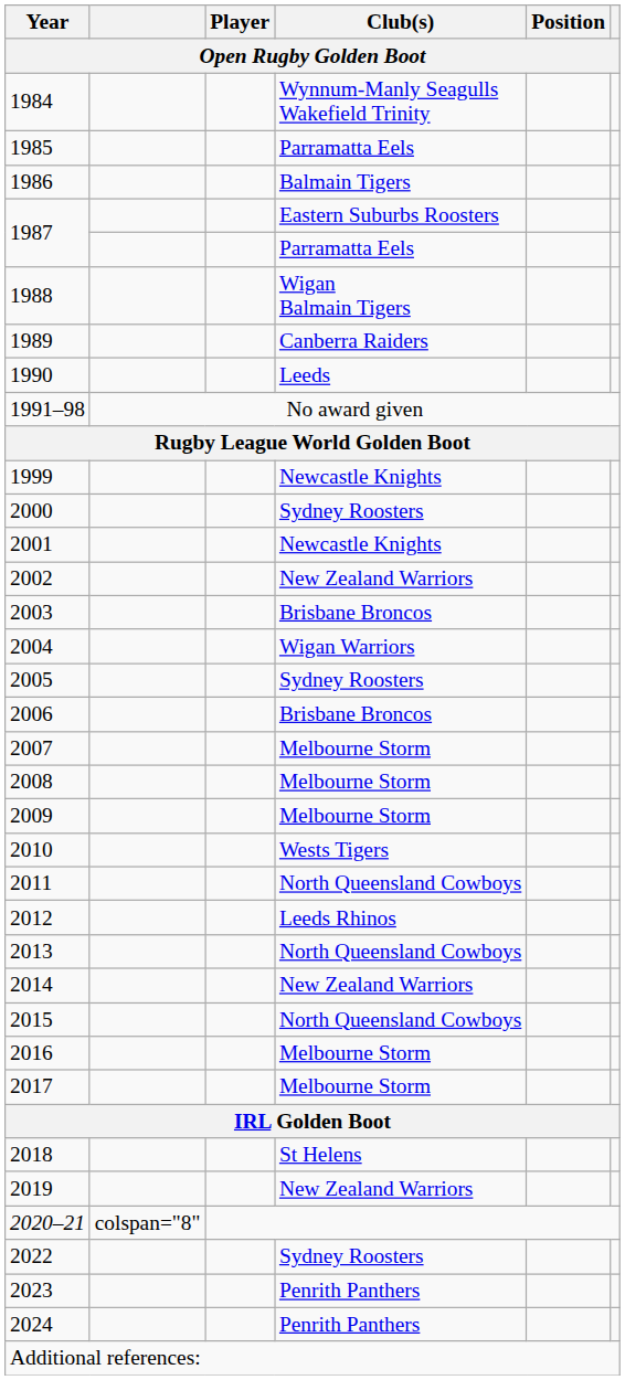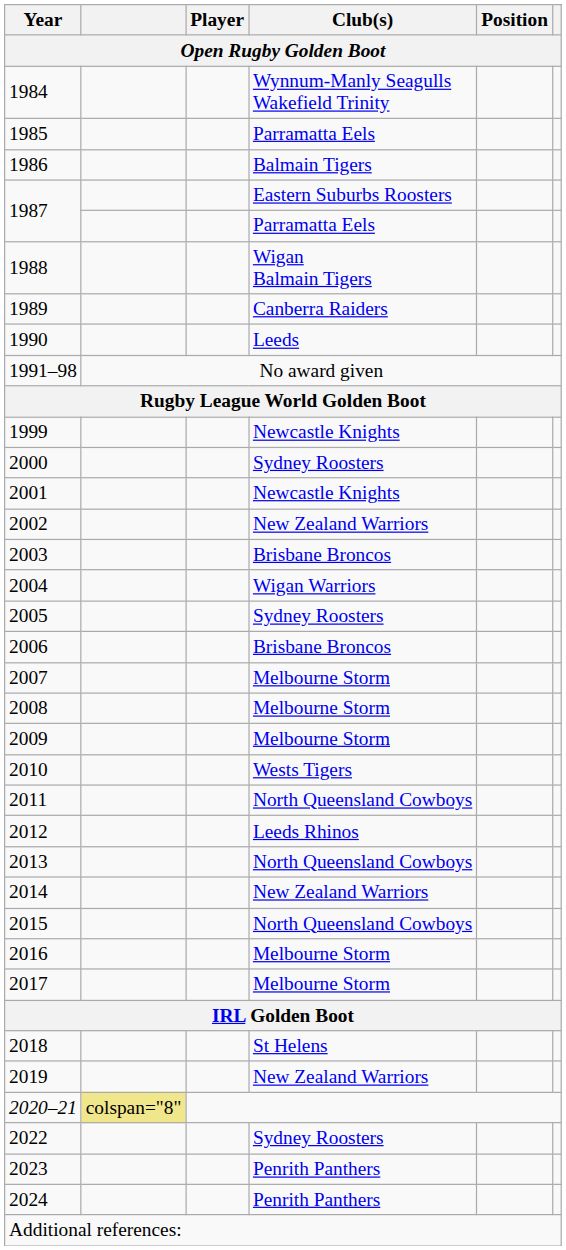 <table class="wikitable sortable">
 <tr>
 <th scope="col">Year</th>
 <th scope="col"></th>
 <th scope="col">Player</th>
 <th scope="col">Club(s)</th>
 <th scope="col">Position</th>
 <th scope="col" class="unsortable"></th>
 </tr>
 <tr>
 <th colspan="8"><strong><em>Open Rugby<em> Golden Boot<strong></th>
 </tr>
 <tr>
 <td>1984</td>
 <td></td>
 <td></td>
 <td><a href='#'>Wynnum-Manly Seagulls</a> <br> <a href='#'>Wakefield Trinity</a></td>
 <td></td>
 <td></td>
 </tr>
 <tr>
 <td>1985</td>
 <td></td>
 <td></td>
 <td><a href='#'>Parramatta Eels</a></td>
 <td></td>
 <td></td>
 </tr>
 <tr>
 <td>1986</td>
 <td></td>
 <td></td>
 <td><a href='#'>Balmain Tigers</a></td>
 <td></td>
 <td></td>
 </tr>
 <tr>
 <td rowspan=2>1987</td>
 <td></td>
 <td></td>
 <td><a href='#'>Eastern Suburbs Roosters</a></td>
 <td></td>
 <td></td>
 </tr>
 <tr>
 <td></td>
 <td></td>
 <td><a href='#'>Parramatta Eels</a></td>
 <td></td>
 <td></td>
 </tr>
 <tr>
 <td>1988</td>
 <td></td>
 <td></td>
 <td><a href='#'>Wigan</a> <br> <a href='#'>Balmain Tigers</a></td>
 <td></td>
 <td></td>
 </tr>
 <tr>
 <td>1989</td>
 <td></td>
 <td></td>
 <td><a href='#'>Canberra Raiders</a></td>
 <td></td>
 <td></td>
 </tr>
 <tr>
 <td>1990</td>
 <td></td>
 <td></td>
 <td><a href='#'>Leeds</a></td>
 <td></td>
 <td></td>
 </tr>
 <tr>
 <td></em>1991–98<em></td>
 <td colspan="8" style="text-align:center;"></em>No award given<em></td>
 </tr>
 <tr>
 <th colspan="8"></em></strong>Rugby League World</em> Golden Boot</strong></th>
 </tr>
 <tr>
 <td>1999</td>
 <td></td>
 <td></td>
 <td><a href='#'>Newcastle Knights</a></td>
 <td></td>
 <td></td>
 </tr>
 <tr>
 <td>2000</td>
 <td></td>
 <td></td>
 <td><a href='#'>Sydney Roosters</a></td>
 <td></td>
 <td></td>
 </tr>
 <tr>
 <td>2001</td>
 <td></td>
 <td> </td>
 <td><a href='#'>Newcastle Knights</a></td>
 <td></td>
 <td></td>
 </tr>
 <tr>
 <td>2002</td>
 <td></td>
 <td></td>
 <td><a href='#'>New Zealand Warriors</a></td>
 <td></td>
 <td></td>
 </tr>
 <tr>
 <td>2003</td>
 <td></td>
 <td></td>
 <td><a href='#'>Brisbane Broncos</a></td>
 <td></td>
 <td></td>
 </tr>
 <tr>
 <td>2004</td>
 <td></td>
 <td></td>
 <td><a href='#'>Wigan Warriors</a></td>
 <td></td>
 <td></td>
 </tr>
 <tr>
 <td>2005</td>
 <td></td>
 <td></td>
 <td><a href='#'>Sydney Roosters</a></td>
 <td></td>
 <td></td>
 </tr>
 <tr>
 <td>2006</td>
 <td></td>
 <td> </td>
 <td><a href='#'>Brisbane Broncos</a></td>
 <td></td>
 <td></td>
 </tr>
 <tr>
 <td>2007</td>
 <td></td>
 <td></td>
 <td><a href='#'>Melbourne Storm</a></td>
 <td></td>
 <td></td>
 </tr>
 <tr>
 <td>2008</td>
 <td></td>
 <td></td>
 <td><a href='#'>Melbourne Storm</a></td>
 <td></td>
 <td></td>
 </tr>
 <tr>
 <td>2009</td>
 <td></td>
 <td></td>
 <td><a href='#'>Melbourne Storm</a></td>
 <td></td>
 <td></td>
 </tr>
 <tr>
 <td>2010</td>
 <td></td>
 <td></td>
 <td><a href='#'>Wests Tigers</a></td>
 <td></td>
 <td></td>
 </tr>
 <tr>
 <td>2011</td>
 <td></td>
 <td></td>
 <td><a href='#'>North Queensland Cowboys</a></td>
 <td></td>
 <td></td>
 </tr>
 <tr>
 <td>2012</td>
 <td></td>
 <td></td>
 <td><a href='#'>Leeds Rhinos</a></td>
 <td></td>
 <td></td>
 </tr>
 <tr>
 <td>2013</td>
 <td></td>
 <td> </td>
 <td><a href='#'>North Queensland Cowboys</a></td>
 <td></td>
 <td></td>
 </tr>
 <tr>
 <td>2014</td>
 <td></td>
 <td></td>
 <td><a href='#'>New Zealand Warriors</a></td>
 <td></td>
 <td></td>
 </tr>
 <tr>
 <td>2015</td>
 <td></td>
 <td> </td>
 <td><a href='#'>North Queensland Cowboys</a></td>
 <td></td>
 <td></td>
 </tr>
 <tr>
 <td>2016</td>
 <td></td>
 <td></td>
 <td><a href='#'>Melbourne Storm</a></td>
 <td></td>
 <td></td>
 </tr>
 <tr>
 <td>2017</td>
 <td></td>
 <td> </td>
 <td><a href='#'>Melbourne Storm</a></td>
 <td></td>
 <td></td>
 </tr>
 <tr>
 <th colspan="8"><strong><a href='#'>IRL</a> Golden Boot</strong></th>
 </tr>
 <tr>
 <td>2018</td>
 <td></td>
 <td></td>
 <td><a href='#'>St Helens</a></td>
 <td></td>
 <td></td>
 </tr>
 <tr>
 <td>2019</td>
 <td></td>
 <td></td>
 <td><a href='#'>New Zealand Warriors</a></td>
 <td></td>
 <td></td>
 </tr>
 <tr>
 <td><em>2020–21</em></td>
-<td>colspan="8" </td>
+<td style="background: khaki;">colspan="8" </td>
 </tr>
 <tr>
 <td>2022</td>
 <td></td>
 <td></td>
 <td><a href='#'>Sydney Roosters</a></td>
 <td></td>
 <td></td>
 </tr>
 <tr>
 <td>2023</td>
 <td></td>
 <td></td>
 <td><a href='#'>Penrith Panthers</a></td>
 <td></td>
 <td></td>
 </tr>
 <tr>
 <td>2024</td>
 <td></td>
 <td></td>
 <td><a href='#'>Penrith Panthers</a></td>
 <td></td>
 <td></td>
 </tr>
 <tr>
 <td colspan=8>Additional references:</td>
 </tr>
 </table>
